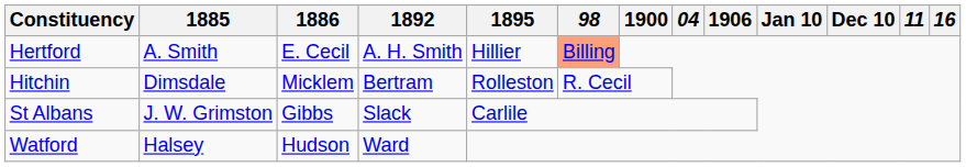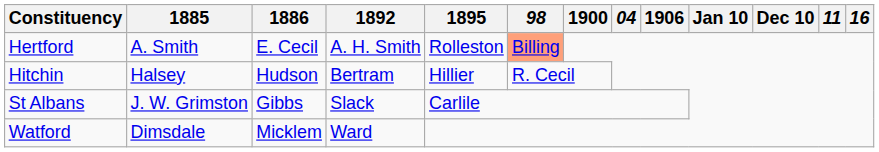 <table class="wikitable">
 <tr>
 <th>Constituency</th>
 <th>1885</th>
 <th>1886</th>
 <th>1892</th>
 <th>1895</th>
 <th><em>98</em></th>
 <th>1900</th>
 <th><em>04</em></th>
 <th>1906</th>
 <th>Jan 10</th>
 <th>Dec 10</th>
 <th><em>11</em></th>
 <th><em>16</em></th>
 </tr>
 <tr>
 <td><a href='#'>Hertford</a></td>
 <td><a href='#'>A. Smith</a></td>
 <td><a href='#'>E. Cecil</a></td>
 <td><a href='#'>A. H. Smith</a></td>
-<td><a href='#'>Hillier</a></td>
+<td><a href='#'>Rolleston</a></td>
 <td style="background: lightsalmon;"><a href='#'>Billing</a></td>
 </tr>
 <tr>
 <td><a href='#'>Hitchin</a></td>
-<td><a href='#'>Dimsdale</a></td>
-<td><a href='#'>Micklem</a></td>
+<td><a href='#'>Halsey</a></td>
+<td><a href='#'>Hudson</a></td>
 <td><a href='#'>Bertram</a></td>
-<td><a href='#'>Rolleston</a></td>
+<td><a href='#'>Hillier</a></td>
 <td colspan="2"><a href='#'>R. Cecil</a></td>
 </tr>
 <tr>
 <td><a href='#'>St Albans</a></td>
 <td><a href='#'>J. W. Grimston</a></td>
 <td><a href='#'>Gibbs</a></td>
 <td><a href='#'>Slack</a></td>
 <td colspan="5"><a href='#'>Carlile</a></td>
 </tr>
 <tr>
 <td><a href='#'>Watford</a></td>
-<td><a href='#'>Halsey</a></td>
-<td><a href='#'>Hudson</a></td>
+<td><a href='#'>Dimsdale</a></td>
+<td><a href='#'>Micklem</a></td>
 <td><a href='#'>Ward</a></td>
 </tr>
 </table>
